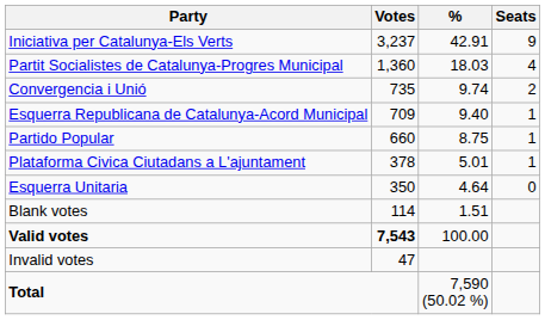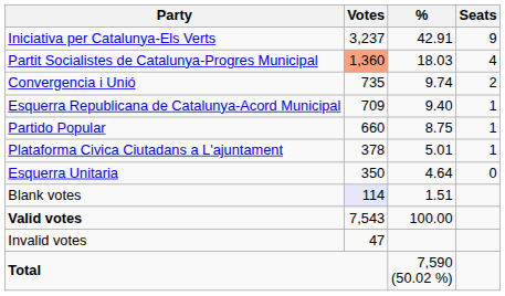 <table class="wikitable" border="1">
 <tr style="background-color:#E9E9E9">
 <th>Party</th>
 <th>Votes</th>
 <th>%</th>
 <th>Seats</th>
 </tr>
 <tr>
 <td><a href='#'>Iniciativa per Catalunya-Els Verts</a></td>
 <td align="right">3,237</td>
 <td align="right">42.91</td>
 <td align="right">9</td>
 </tr>
 <tr>
 <td><a href='#'>Partit Socialistes de Catalunya-Progres Municipal</a></td>
-<td align="right">1,360</td>
+<td align="right" style="background: lightsalmon;">1,360</td>
 <td align="right">18.03</td>
 <td align="right">4</td>
 </tr>
 <tr>
 <td><a href='#'>Convergencia i Unió</a></td>
 <td align="right">735</td>
 <td align="right">9.74</td>
 <td align="right">2</td>
 </tr>
 <tr>
 <td><a href='#'>Esquerra Republicana de Catalunya-Acord Municipal</a></td>
 <td align="right">709</td>
 <td align="right">9.40</td>
 <td align="right">1</td>
 </tr>
 <tr>
 <td><a href='#'>Partido Popular</a></td>
 <td align="right">660</td>
 <td align="right">8.75</td>
 <td align="right">1</td>
 </tr>
 <tr>
 <td><a href='#'>Plataforma Civica Ciutadans a L'ajuntament</a></td>
 <td align="right">378</td>
 <td align="right">5.01</td>
 <td align="right">1</td>
 </tr>
 <tr>
 <td><a href='#'>Esquerra Unitaria</a></td>
 <td align="right">350</td>
 <td align="right">4.64</td>
 <td align="right">0</td>
 </tr>
 <tr>
 <td>Blank votes</td>
-<td align="right">114</td>
+<td align="right" style="background: lavender;">114</td>
 <td align="right">1.51</td>
 <td> </td>
 </tr>
 <tr>
 <td><strong>Valid votes</strong></td>
-<td align="right"><strong>7,543</strong></td>
+<td align="right">7,543</td>
 <td align="right">100.00</td>
 <td> </td>
 </tr>
 <tr>
 <td>Invalid votes</td>
 <td align="right">47</td>
 <td> </td>
 <td> </td>
 </tr>
 <tr>
 <td colspan="2"><strong>Total</strong></td>
 <td align="right">7,590<br>(50.02 %)</td>
 <td></td>
 </tr>
 </table>
